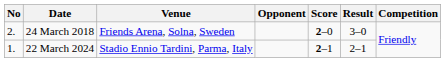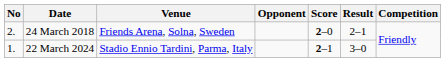 <table class="wikitable" style="font-size:100%;">
 <tr>
 <th>No</th>
 <th>Date</th>
 <th>Venue</th>
 <th>Opponent</th>
 <th>Score</th>
 <th>Result</th>
 <th>Competition</th>
 </tr>
 <tr>
 <td>2.</td>
 <td>24 March 2018</td>
 <td><a href='#'>Friends Arena</a>, <a href='#'>Solna</a>, <a href='#'>Sweden</a></td>
 <td></td>
 <td align=center><strong>2</strong>–0</td>
-<td align=center>3–0</td>
+<td align=center>2–1</td>
 <td rowspan=2><a href='#'>Friendly</a></td>
 </tr>
 <tr>
 <td>1.</td>
 <td>22 March 2024</td>
 <td><a href='#'>Stadio Ennio Tardini</a>, <a href='#'>Parma</a>, <a href='#'>Italy</a></td>
 <td></td>
 <td align=center><strong>2</strong>–1</td>
-<td align=center>2–1</td>
+<td align=center>3–0</td>
 </tr>
 </table>
